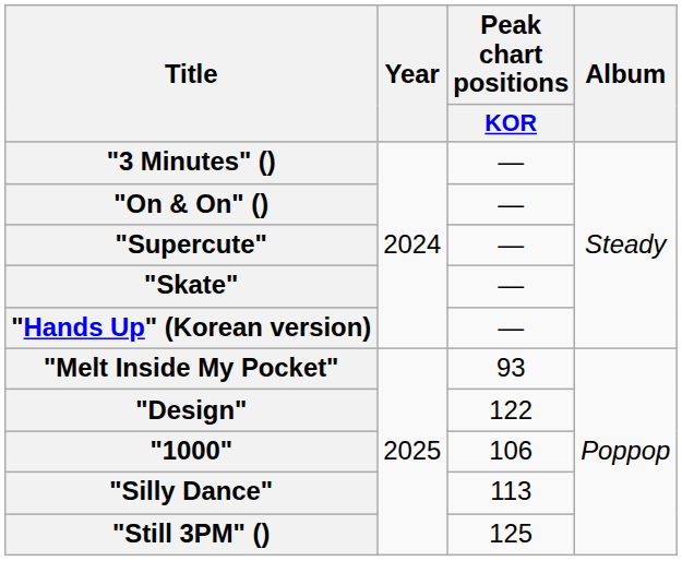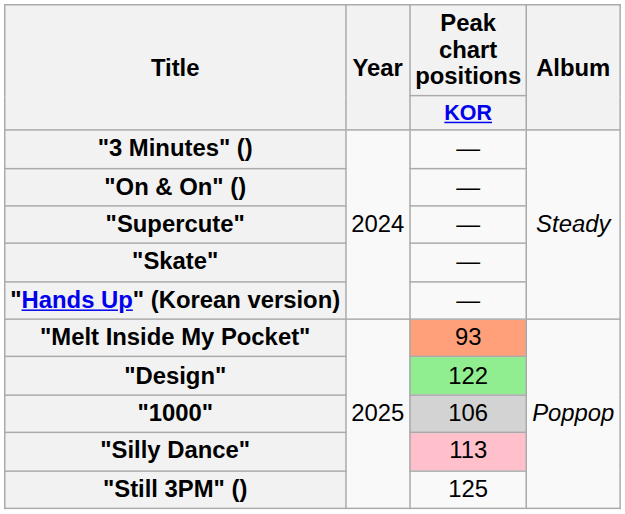 <table class="wikitable plainrowheaders" style="text-align:center">
 <tr>
 <th scope="col" rowspan="2">Title</th>
 <th scope="col" rowspan="2">Year</th>
 <th scope="col" colspan="1">Peak chart positions</th>
 <th scope="col" rowspan="2">Album</th>
 </tr>
 <tr>
 <th scope="col" style="width:3em;font-size:90%"><a href='#'>KOR</a><br></th>
 </tr>
 <tr>
 <th scope="row">"3 Minutes" ()</th>
 <td rowspan="5">2024</td>
 <td>—</td>
 <td rowspan="5"><em>Steady</em></td>
 </tr>
 <tr>
 <th scope="row">"On & On" ()</th>
 <td>—</td>
 </tr>
 <tr>
 <th scope="row">"Supercute"</th>
 <td>—</td>
 </tr>
 <tr>
 <th scope="row">"Skate"</th>
 <td>—</td>
 </tr>
 <tr>
 <th scope="row">"<a href='#'>Hands Up</a>" (Korean version)</th>
 <td>—</td>
 </tr>
 <tr>
 <th scope="row">"Melt Inside My Pocket"</th>
 <td rowspan="5">2025</td>
-<td>93</td>
+<td style="background: lightsalmon;">93</td>
 <td rowspan="5"><em>Poppop</em></td>
 </tr>
 <tr>
 <th scope="row">"Design"</th>
-<td>122</td>
+<td style="background: lightgreen;">122</td>
 </tr>
 <tr>
 <th scope="row">"1000"</th>
-<td>106</td>
+<td style="background: lightgrey;">106</td>
 </tr>
 <tr>
 <th scope="row">"Silly Dance"</th>
-<td>113</td>
+<td style="background: pink;">113</td>
 </tr>
 <tr>
 <th scope="row">"Still 3PM" ()</th>
 <td>125</td>
 </tr>
 </table>
